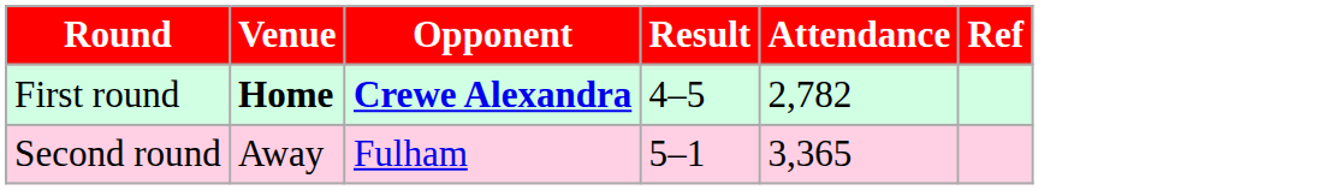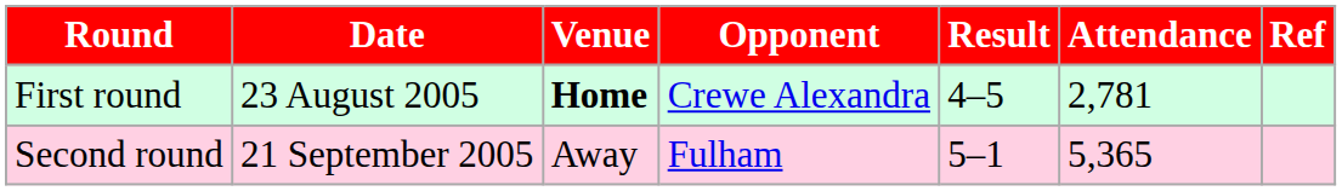 <table class="wikitable">
 <tr style="color:white;">
 <th style="background:#FF0000;">Round</th>
+<th style="background:#FF0000;">Date</th>
 <th style="background:#FF0000;">Venue</th>
 <th style="background:#FF0000;">Opponent</th>
 <th style="background:#FF0000;">Result</th>
 <th style="background:#FF0000;">Attendance</th>
 <th style="background:#FF0000;">Ref</th>
 </tr>
 <tr style="background-color: #d0ffe3;">
 <td>First round</td>
+<td>23 August 2005</td>
 <td><strong>Home</strong></td>
-<td><strong><a href='#'>Crewe Alexandra</a></strong></td>
+<td><a href='#'>Crewe Alexandra</a></td>
 <td>4–5</td>
-<td>2,782</td>
+<td>2,781</td>
 <td></td>
 </tr>
 <tr style="background-color: #ffd0e3;">
 <td>Second round</td>
+<td>21 September 2005</td>
 <td>Away</td>
 <td><a href='#'>Fulham</a></td>
 <td>5–1</td>
-<td>3,365</td>
+<td>5,365</td>
 <td></td>
 </tr>
 </table>
